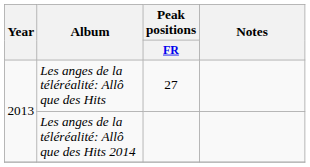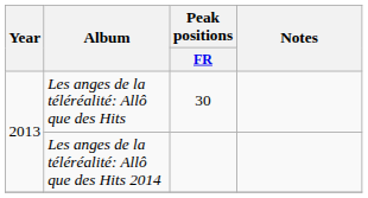 <table class="wikitable">
 <tr>
 <th align="center" rowspan="2" width="10">Year</th>
 <th align="center" rowspan="2" width="120">Album</th>
 <th align="center" colspan="1" width="30">Peak positions</th>
 <th align="center" rowspan="2" width="120">Notes</th>
 </tr>
 <tr>
 <th scope="col" style="width:3em;font-size:90%;"><a href='#'>FR</a><br></th>
 </tr>
 <tr>
 <td align="center" rowspan="2">2013</td>
 <td><em>Les anges de la téléréalité: Allô que des Hits</em></td>
-<td align="center">27</td>
+<td align="center">30</td>
 <td align="center"></td>
 </tr>
 <tr>
 <td><em>Les anges de la téléréalité: Allô que des Hits 2014</em></td>
 <td align="center"></td>
 <td align="center"></td>
 </tr>
 <tr>
 </tr>
 </table>
